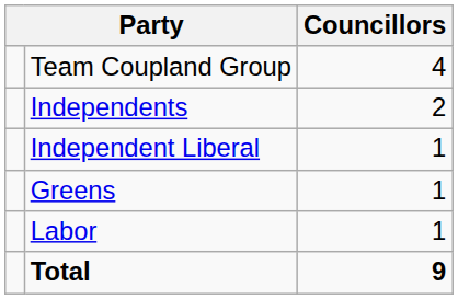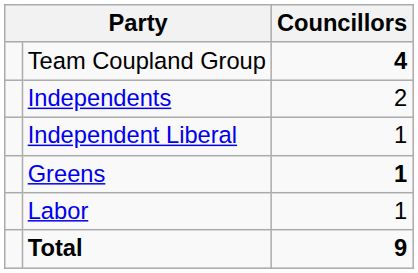 <table class="wikitable">
 <tr>
 <th colspan="2">Party</th>
 <th>Councillors</th>
 </tr>
 <tr>
 <td> </td>
 <td>Team Coupland Group</td>
-<td align=right>4</td>
+<td align=right><strong>4</strong></td>
 </tr>
 <tr>
 <td> </td>
 <td><a href='#'>Independents</a></td>
 <td align=right>2</td>
 </tr>
 <tr>
 <td> </td>
 <td><a href='#'>Independent Liberal</a></td>
 <td align=right>1</td>
 </tr>
 <tr>
 <td> </td>
 <td><a href='#'>Greens</a></td>
-<td align=right>1</td>
+<td align=right><strong>1</strong></td>
 </tr>
 <tr>
 <td> </td>
 <td><a href='#'>Labor</a></td>
 <td align=right>1</td>
 </tr>
 <tr>
 <td></td>
 <td><strong>Total</strong></td>
 <td align=right><strong>9</strong></td>
 </tr>
 </table>
